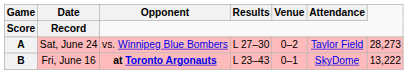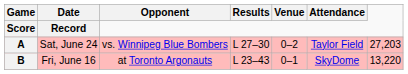 <table class="wikitable" style="text-align:center">
 <tr>
 <th>Game</th>
 <th>Date</th>
 <th>Opponent</th>
 <th>Results</th>
 <th>Venue</th>
 <th>Attendance</th>
 </tr>
 <tr>
 <th>Score</th>
 <th>Record</th>
 </tr>
 <tr style="background:#ffbbbb">
 <th>A</th>
 <td>Sat, June 24</td>
 <td>vs. <a href='#'>Winnipeg Blue Bombers</a></td>
 <td>L 27–30</td>
 <td>0–2</td>
 <td><a href='#'>Taylor Field</a></td>
-<td>28,273</td>
+<td>27,203</td>
 </tr>
 <tr style="background:#ffbbbb">
 <th>B</th>
 <td>Fri, June 16</td>
-<td><strong>at <a href='#'>Toronto Argonauts</a></strong></td>
+<td>at <a href='#'>Toronto Argonauts</a></td>
 <td>L 23–43</td>
 <td>0–1</td>
 <td><a href='#'>SkyDome</a></td>
-<td>13,222</td>
+<td>13,220</td>
 </tr>
 </table>
